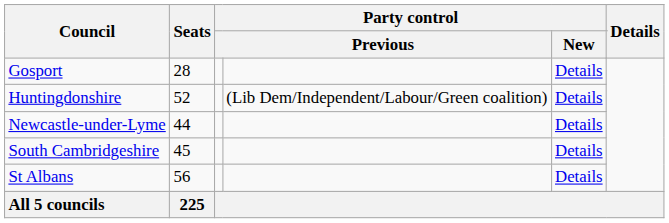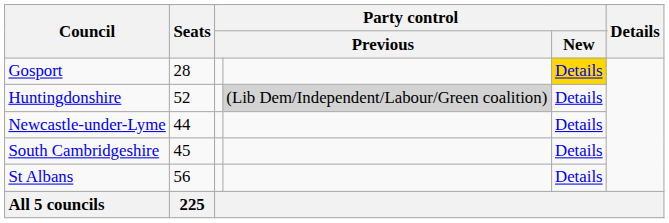 <table class="wikitable sortable">
 <tr>
 <th rowspan="2">Council</th>
 <th rowspan="2">Seats</th>
 <th colspan="4">Party control</th>
 <th rowspan="2">Details</th>
 </tr>
 <tr>
 <th colspan="2">Previous</th>
 <th colspan="2">New</th>
 </tr>
 <tr>
 <td><a href='#'>Gosport</a></td>
 <td>28</td>
 <td></td>
 <td></td>
-<td><a href='#'>Details</a></td>
+<td style="background: gold;"><a href='#'>Details</a></td>
 </tr>
 <tr>
 <td><a href='#'>Huntingdonshire</a></td>
 <td>52</td>
 <td></td>
-<td> (Lib Dem/Independent/Labour/Green coalition)</td>
+<td style="background: lightgrey;"> (Lib Dem/Independent/Labour/Green coalition)</td>
 <td><a href='#'>Details</a></td>
 </tr>
 <tr>
 <td><a href='#'>Newcastle-under-Lyme</a></td>
 <td>44</td>
 <td></td>
 <td></td>
 <td><a href='#'>Details</a></td>
 </tr>
 <tr>
 <td><a href='#'>South Cambridgeshire</a></td>
 <td>45</td>
 <td></td>
 <td></td>
 <td><a href='#'>Details</a></td>
 </tr>
 <tr>
 <td><a href='#'>St Albans</a></td>
 <td>56</td>
 <td></td>
 <td></td>
 <td><a href='#'>Details</a></td>
 </tr>
 <tr>
 <th style="text-align:left;">All 5 councils</th>
 <th>225</th>
 <th colspan="5"></th>
 </tr>
 </table>
